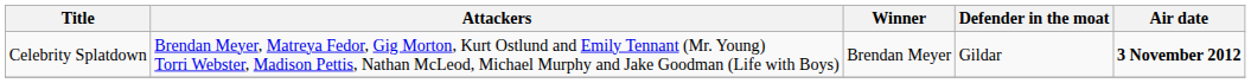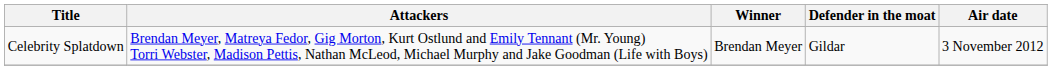 <table class="wikitable">
 <tr>
 <th>Title</th>
 <th>Attackers</th>
 <th>Winner</th>
 <th>Defender in the moat</th>
 <th>Air date</th>
 </tr>
 <tr>
 <td>Celebrity Splatdown</td>
 <td><a href='#'>Brendan Meyer</a>, <a href='#'>Matreya Fedor</a>, <a href='#'>Gig Morton</a>, Kurt Ostlund and <a href='#'>Emily Tennant</a> (Mr. Young)<br><a href='#'>Torri Webster</a>, <a href='#'>Madison Pettis</a>, Nathan McLeod, Michael Murphy and Jake Goodman (Life with Boys)</td>
 <td>Brendan Meyer</td>
 <td>Gildar</td>
-<td><strong>3 November 2012</strong></td>
+<td>3 November 2012</td>
 </tr>
 <tr>
 </tr>
 </table>
